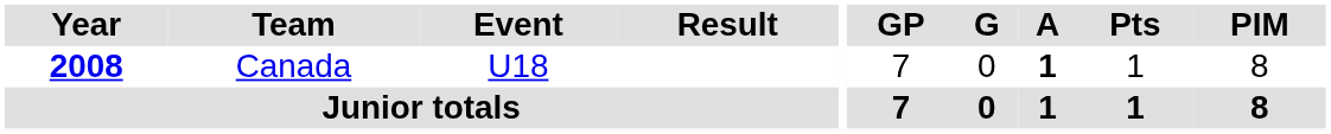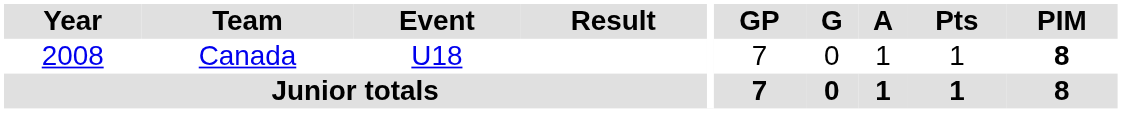 <table border="0" cellpadding="1" cellspacing="0" ID="Table3" style="text-align:center; width:40em">
 <tr ALIGN="center" bgcolor="#e0e0e0">
 <th>Year</th>
 <th>Team</th>
 <th>Event</th>
 <th>Result</th>
 <th rowspan="99" bgcolor="#ffffff"></th>
 <th>GP</th>
 <th>G</th>
 <th>A</th>
 <th>Pts</th>
 <th>PIM</th>
 </tr>
 <tr>
-<td><strong><a href='#'>2008</a></strong></td>
+<td><a href='#'>2008</a></td>
 <td><a href='#'>Canada</a></td>
 <td><a href='#'>U18</a></td>
 <td></td>
 <td>7</td>
 <td>0</td>
-<td><strong>1</strong></td>
 <td>1</td>
-<td>8</td>
+<td>1</td>
+<td><strong>8</strong></td>
 </tr>
 <tr bgcolor="#e0e0e0">
 <th colspan="4">Junior totals</th>
 <th>7</th>
 <th>0</th>
 <th>1</th>
 <th>1</th>
 <th>8</th>
 </tr>
 </table>
